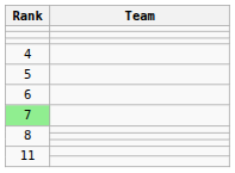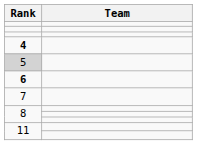 <table class="wikitable" style="text-align: center;">
 <tr>
 <th width=40>Rank</th>
 <th width=180>Team</th>
 </tr>
 <tr>
 <td></td>
 <td align=left></td>
 </tr>
 <tr>
 <td></td>
 <td align=left></td>
 </tr>
 <tr>
 <td></td>
 <td align=left></td>
 </tr>
 <tr>
-<td>4</td>
+<td><strong>4</strong></td>
 <td align=left></td>
 </tr>
 <tr>
-<td>5</td>
+<td style="background: lightgrey;">5</td>
 <td align=left></td>
 </tr>
 <tr>
-<td>6</td>
+<td><strong>6</strong></td>
 <td align=left></td>
 </tr>
 <tr>
-<td style="background: lightgreen;">7</td>
+<td>7</td>
 <td align=left></td>
 </tr>
 <tr>
 <td rowspan=3>8</td>
 <td align=left></td>
 </tr>
 <tr>
 <td align=left></td>
 </tr>
 <tr>
 <td align=left></td>
 </tr>
 <tr>
 <td rowspan=2>11</td>
 <td align=left></td>
 </tr>
 <tr>
 <td align=left></td>
 </tr>
 </table>
